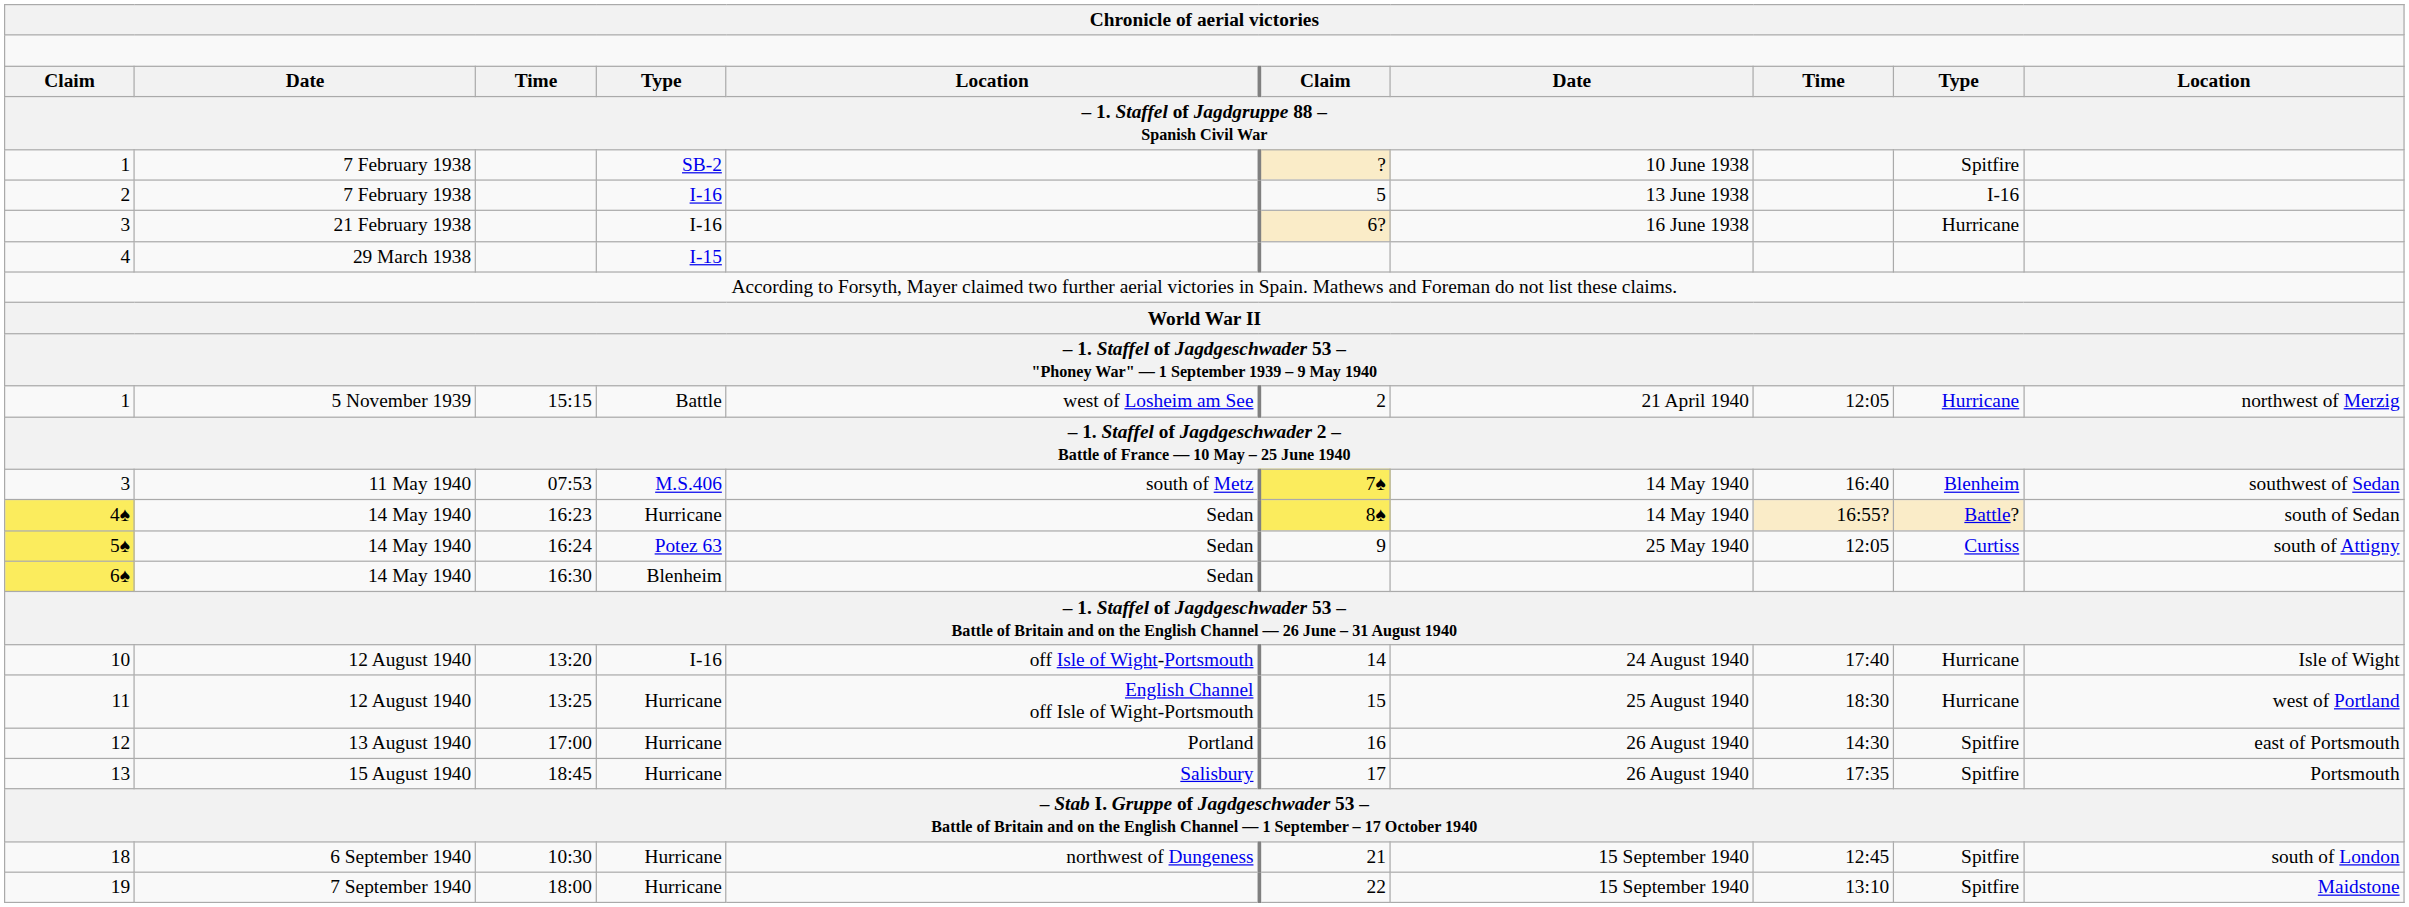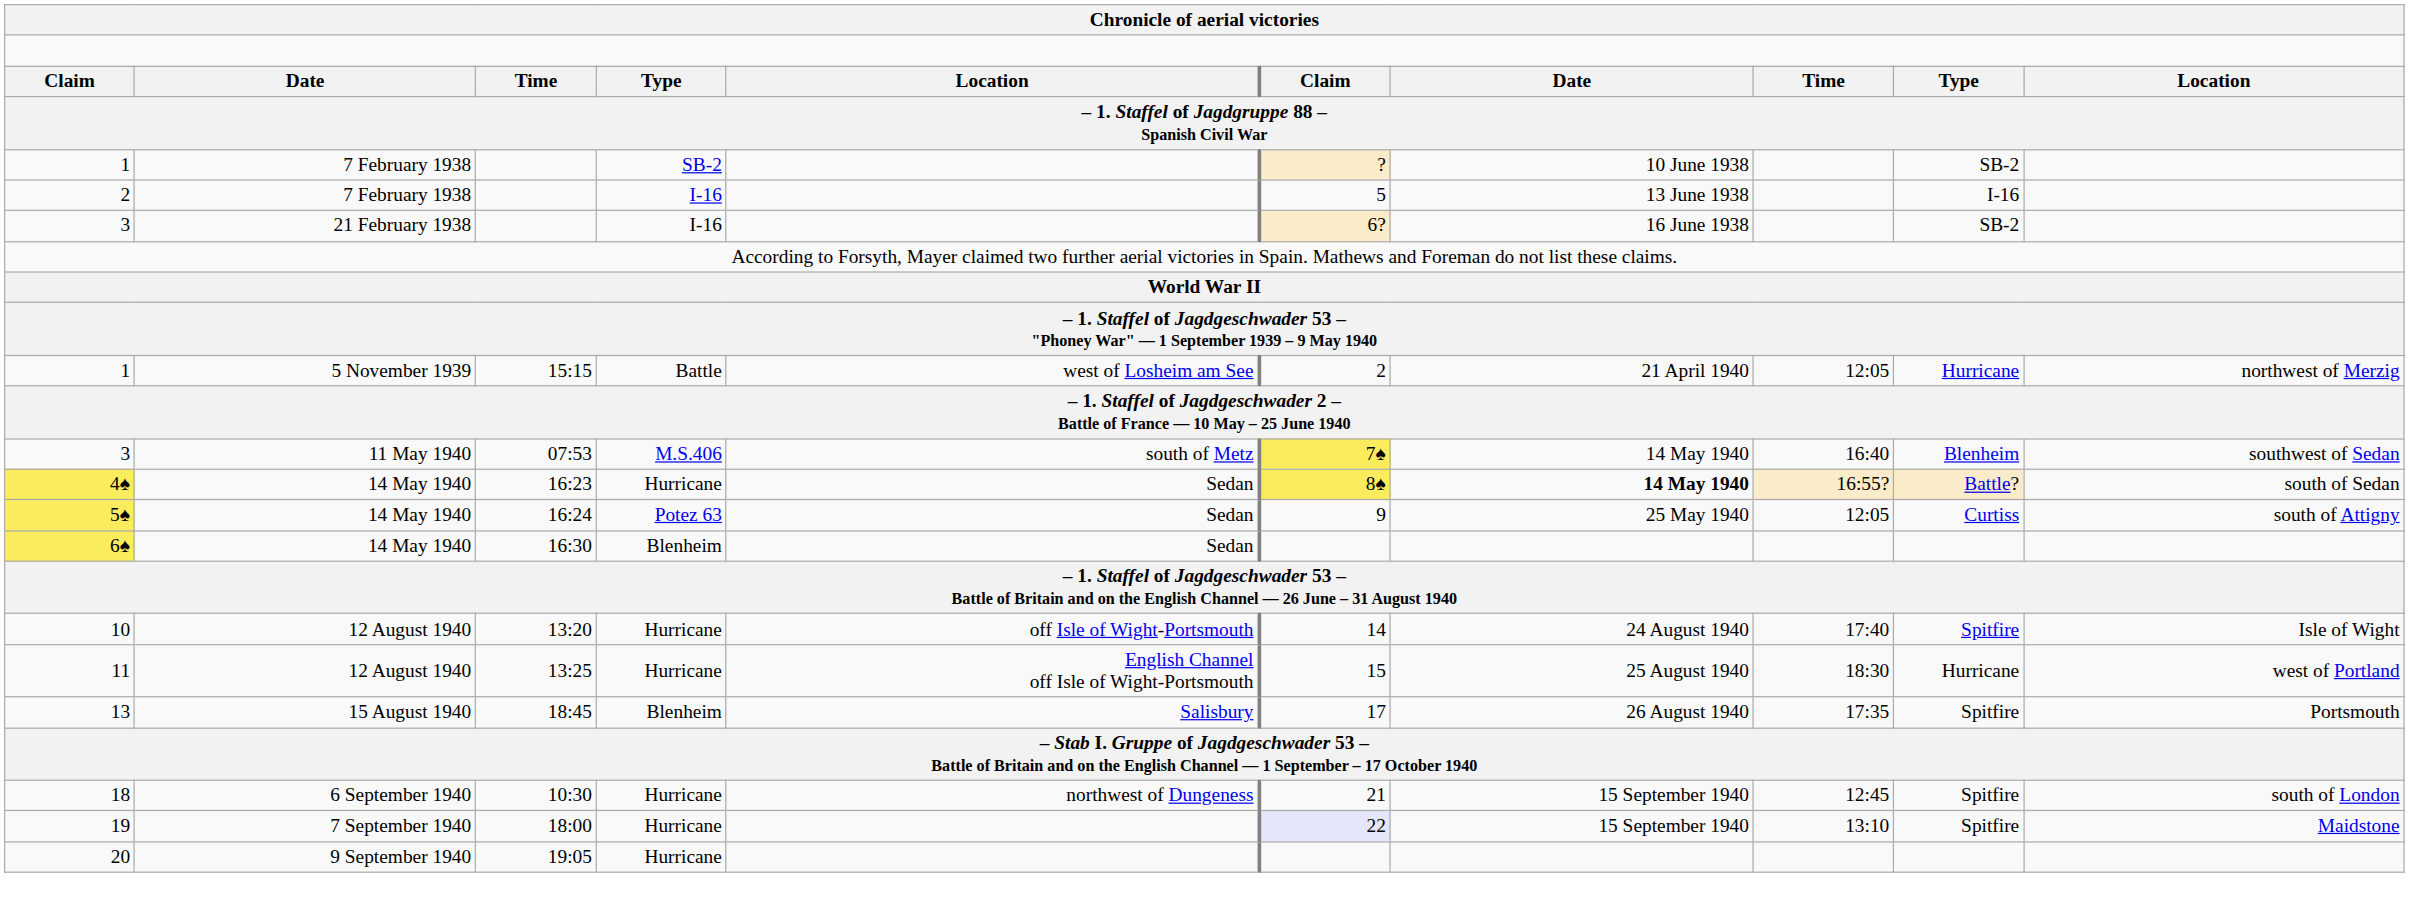 <table class="wikitable plainrowheaders collapsible" style="margin-left: auto; margin-right: auto; border: none; text-align:right; width: 100%;">
 <tr>
 <th colspan="10">Chronicle of aerial victories</th>
 </tr>
 <tr>
 <td colspan="10" style="text-align: left;"><br> </td>
 </tr>
 <tr>
 <th scope="col" width="100px">Claim</th>
 <th scope="col">Date</th>
 <th scope="col">Time</th>
 <th scope="col" width="100px">Type</th>
 <th scope="col">Location</th>
 <th scope="col" style="border-left: 3px solid grey;" width="100px">Claim</th>
 <th scope="col">Date</th>
 <th scope="col">Time</th>
 <th scope="col" width="100px">Type</th>
 <th scope="col">Location</th>
 </tr>
 <tr>
 <th colspan="10">– 1. <em>Staffel</em> of <em>Jagdgruppe</em> 88 –<br><small>Spanish Civil War</small></th>
 </tr>
 <tr>
 <td>1</td>
 <td>7 February 1938</td>
 <td></td>
 <td><a href='#'>SB-2</a></td>
 <td></td>
 <td style="border-left: 3px solid grey; background:#faecc8">?</td>
 <td>10 June 1938</td>
 <td></td>
-<td>Spitfire</td>
+<td>SB-2</td>
 <td></td>
 </tr>
 <tr>
 <td>2</td>
 <td>7 February 1938</td>
 <td></td>
 <td><a href='#'>I-16</a></td>
 <td></td>
 <td style="border-left: 3px solid grey;">5</td>
 <td>13 June 1938</td>
 <td></td>
 <td>I-16</td>
 <td></td>
 </tr>
 <tr>
 <td>3</td>
 <td>21 February 1938</td>
 <td></td>
 <td>I-16</td>
 <td></td>
 <td style="border-left: 3px solid grey; background:#faecc8">6?</td>
 <td>16 June 1938</td>
 <td></td>
-<td>Hurricane</td>
-<td></td>
-</tr>
-<tr>
-<td>4</td>
-<td>29 March 1938</td>
-<td></td>
-<td><a href='#'>I-15</a></td>
-<td></td>
-<td style="border-left: 3px solid grey;"></td>
-<td></td>
-<td></td>
-<td></td>
+<td>SB-2</td>
 <td></td>
 </tr>
 <tr>
 <td colspan="10" style="text-align: center">According to Forsyth, Mayer claimed two further aerial victories in Spain. Mathews and Foreman do not list these claims.</td>
 </tr>
 <tr>
 <th colspan="10">World War II</th>
 </tr>
 <tr>
 <th colspan="10">– 1. <em>Staffel</em> of <em>Jagdgeschwader</em> 53 –<br><small>"Phoney War" — 1 September 1939 – 9 May 1940</small></th>
 </tr>
 <tr>
 <td>1</td>
 <td>5 November 1939</td>
 <td>15:15</td>
 <td>Battle</td>
 <td>west of <a href='#'>Losheim am See</a></td>
 <td style="border-left: 3px solid grey;">2</td>
 <td>21 April 1940</td>
 <td>12:05</td>
 <td><a href='#'>Hurricane</a></td>
 <td>northwest of <a href='#'>Merzig</a></td>
 </tr>
 <tr>
 <th colspan="10">– 1. <em>Staffel</em> of <em>Jagdgeschwader</em> 2 –<br><small>Battle of France — 10 May – 25 June 1940</small></th>
 </tr>
 <tr>
 <td>3</td>
 <td>11 May 1940</td>
 <td>07:53</td>
 <td><a href='#'>M.S.406</a></td>
 <td> south of <a href='#'>Metz</a></td>
 <td style="border-left: 3px solid grey; background:#fbec5d;">7♠</td>
 <td>14 May 1940</td>
 <td>16:40</td>
 <td><a href='#'>Blenheim</a></td>
 <td>southwest of <a href='#'>Sedan</a></td>
 </tr>
 <tr>
 <td style="background:#fbec5d;">4♠</td>
 <td>14 May 1940</td>
 <td>16:23</td>
 <td>Hurricane</td>
 <td>Sedan</td>
 <td style="border-left: 3px solid grey; background:#fbec5d;">8♠</td>
-<td>14 May 1940</td>
+<td><strong>14 May 1940</strong></td>
 <td style="background:#faecc8">16:55?</td>
 <td style="background:#faecc8"><a href='#'>Battle</a>?</td>
 <td>south of Sedan</td>
 </tr>
 <tr>
 <td style="background:#fbec5d;">5♠</td>
 <td>14 May 1940</td>
 <td>16:24</td>
 <td><a href='#'>Potez 63</a></td>
 <td>Sedan</td>
 <td style="border-left: 3px solid grey;">9</td>
 <td>25 May 1940</td>
 <td>12:05</td>
 <td><a href='#'>Curtiss</a></td>
 <td>south of <a href='#'>Attigny</a></td>
 </tr>
 <tr>
 <td style="background:#fbec5d;">6♠</td>
 <td>14 May 1940</td>
 <td>16:30</td>
 <td>Blenheim</td>
 <td>Sedan</td>
 <td style="border-left: 3px solid grey;"></td>
 <td></td>
 <td></td>
 <td></td>
 <td></td>
 </tr>
 <tr>
 <th colspan="10">– 1. <em>Staffel</em> of <em>Jagdgeschwader</em> 53 –<br><small>Battle of Britain and on the English Channel — 26 June – 31 August 1940</small></th>
 </tr>
 <tr>
 <td>10</td>
 <td>12 August 1940</td>
 <td>13:20</td>
-<td>I-16</td>
+<td>Hurricane</td>
 <td>off <a href='#'>Isle of Wight</a>-<a href='#'>Portsmouth</a></td>
 <td style="border-left: 3px solid grey;">14</td>
 <td>24 August 1940</td>
 <td>17:40</td>
-<td>Hurricane</td>
+<td><a href='#'>Spitfire</a></td>
 <td>Isle of Wight</td>
 </tr>
 <tr>
 <td>11</td>
 <td>12 August 1940</td>
 <td>13:25</td>
 <td>Hurricane</td>
 <td><a href='#'>English Channel</a><br>off Isle of Wight-Portsmouth</td>
 <td style="border-left: 3px solid grey;">15</td>
 <td>25 August 1940</td>
 <td>18:30</td>
 <td>Hurricane</td>
 <td>west of <a href='#'>Portland</a></td>
 </tr>
 <tr>
-<td>12</td>
-<td>13 August 1940</td>
-<td>17:00</td>
-<td>Hurricane</td>
-<td>Portland</td>
-<td style="border-left: 3px solid grey;">16</td>
-<td>26 August 1940</td>
-<td>14:30</td>
-<td>Spitfire</td>
-<td>east of Portsmouth</td>
-</tr>
-<tr>
 <td>13</td>
 <td>15 August 1940</td>
 <td>18:45</td>
-<td>Hurricane</td>
+<td>Blenheim</td>
 <td><a href='#'>Salisbury</a></td>
 <td style="border-left: 3px solid grey;">17</td>
 <td>26 August 1940</td>
 <td>17:35</td>
 <td>Spitfire</td>
 <td>Portsmouth</td>
 </tr>
 <tr>
 <th colspan="10">– <em>Stab</em> I. <em>Gruppe</em> of <em>Jagdgeschwader</em> 53 –<br><small>Battle of Britain and on the English Channel — 1 September – 17 October 1940</small></th>
 </tr>
 <tr>
 <td>18</td>
 <td>6 September 1940</td>
 <td>10:30</td>
 <td>Hurricane</td>
 <td>northwest of <a href='#'>Dungeness</a></td>
 <td style="border-left: 3px solid grey;">21</td>
 <td>15 September 1940</td>
 <td>12:45</td>
 <td>Spitfire</td>
 <td> south of <a href='#'>London</a></td>
 </tr>
 <tr>
 <td>19</td>
 <td>7 September 1940</td>
 <td>18:00</td>
 <td>Hurricane</td>
 <td></td>
-<td style="border-left: 3px solid grey;">22</td>
+<td style="background: lavender; border-left: 3px solid grey;">22</td>
 <td>15 September 1940</td>
 <td>13:10</td>
 <td>Spitfire</td>
 <td><a href='#'>Maidstone</a></td>
 </tr>
+<tr>
+<td>20</td>
+<td>9 September 1940</td>
+<td>19:05</td>
+<td>Hurricane</td>
+<td></td>
+<td style="border-left: 3px solid grey;"></td>
+<td></td>
+<td></td>
+<td></td>
+<td></td>
+</tr>
 </table>
